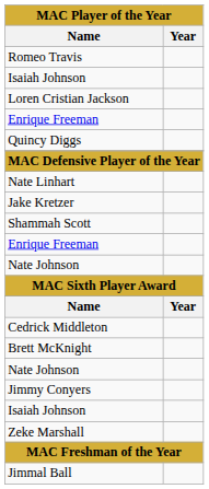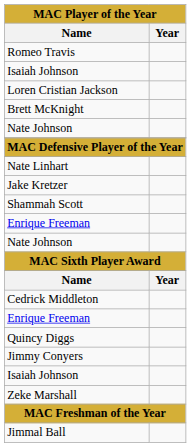 <table class="wikitable">
 <tr>
 <th colspan=2 style="background:#d4af37;">MAC Player of the Year</th>
 </tr>
 <tr>
 <th>Name</th>
 <th>Year</th>
 </tr>
 <tr>
 <td>Romeo Travis</td>
 <td></td>
 </tr>
 <tr>
 <td>Isaiah Johnson</td>
 <td></td>
 </tr>
 <tr>
 <td>Loren Cristian Jackson</td>
 <td></td>
 </tr>
 <tr>
-<td><a href='#'>Enrique Freeman</a></td>
+<td>Brett McKnight</td>
 <td></td>
 </tr>
 <tr>
-<td>Quincy Diggs</td>
+<td>Nate Johnson</td>
 <td></td>
 </tr>
 <tr>
 </tr>
 <tr 4>
 <th colspan=2 style="background:#d4af37;">MAC Defensive Player of the Year</th>
 </tr>
 <tr>
 <td>Nate Linhart</td>
 <td></td>
 </tr>
 <tr>
 <td>Jake Kretzer</td>
 <td></td>
 </tr>
 <tr>
 <td>Shammah Scott</td>
 <td></td>
 </tr>
 <tr>
 <td><a href='#'>Enrique Freeman</a></td>
 <td></td>
 </tr>
 <tr>
 <td>Nate Johnson</td>
 <td></td>
 </tr>
 <tr>
 <th colspan=2 style="background:#d4af37;">MAC Sixth Player Award</th>
 </tr>
 <tr>
 <th>Name</th>
 <th>Year</th>
 </tr>
 <tr>
 <td>Cedrick Middleton</td>
 <td></td>
 </tr>
 <tr>
-<td>Brett McKnight</td>
+<td><a href='#'>Enrique Freeman</a></td>
 <td></td>
 </tr>
 <tr>
-<td>Nate Johnson</td>
+<td>Quincy Diggs</td>
 <td></td>
 </tr>
 <tr>
 <td>Jimmy Conyers</td>
 <td></td>
 </tr>
 <tr>
 <td>Isaiah Johnson</td>
 <td></td>
 </tr>
 <tr>
 <td>Zeke Marshall</td>
 <td></td>
 </tr>
 <tr>
 <th colspan=2 style="background:#d4af37;">MAC Freshman of the Year</th>
 </tr>
 <tr>
 <td>Jimmal Ball</td>
 <td></td>
 </tr>
 </table>
